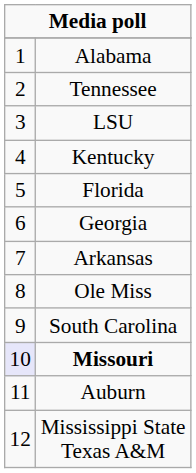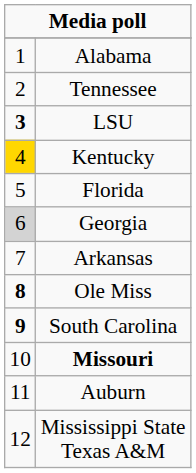 <table class="wikitable">
 <tr align="center">
 <td align="center" Colspan="3"><strong>Media poll</strong></td>
 </tr>
 <tr align="center">
 </tr>
 <tr align="center">
 <td>1</td>
 <td>Alabama</td>
 </tr>
 <tr align="center">
 <td>2</td>
 <td>Tennessee</td>
 </tr>
 <tr align="center">
-<td>3</td>
+<td><strong>3</strong></td>
 <td>LSU</td>
 </tr>
 <tr align="center">
-<td>4</td>
+<td style="background: gold;">4</td>
 <td>Kentucky</td>
 </tr>
 <tr align="center">
 <td>5</td>
 <td>Florida</td>
 </tr>
 <tr align="center">
-<td>6</td>
+<td style="background: lightgrey;">6</td>
 <td>Georgia</td>
 </tr>
 <tr align="center">
 <td>7</td>
 <td>Arkansas</td>
 </tr>
 <tr align="center">
-<td>8</td>
+<td><strong>8</strong></td>
 <td>Ole Miss</td>
 </tr>
 <tr align="center">
-<td>9</td>
+<td><strong>9</strong></td>
 <td>South Carolina</td>
 </tr>
 <tr align="center">
-<td style="background: lavender;">10</td>
+<td>10</td>
 <td><strong>Missouri</strong></td>
 </tr>
 <tr align="center">
 <td>11</td>
 <td>Auburn</td>
 </tr>
 <tr align="center">
 <td>12</td>
 <td>Mississippi State<br>Texas A&M</td>
 </tr>
 </table>
